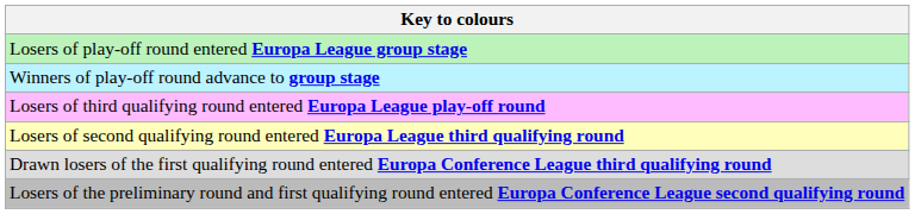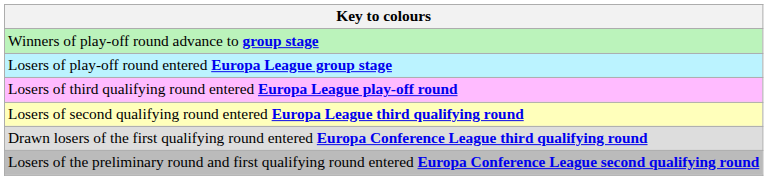 <table class="wikitable">
 <tr>
 <th>Key to colours</th>
 </tr>
 <tr bgcolor=#BBF3BB>
-<td>Losers of play-off round entered <strong><a href='#'>Europa League group stage</a></strong></td>
+<td>Winners of play-off round advance to <strong><a href='#'>group stage</a></strong></td>
 </tr>
 <tr bgcolor=#BBF3FF>
-<td>Winners of play-off round advance to <strong><a href='#'>group stage</a></strong></td>
+<td>Losers of play-off round entered <strong><a href='#'>Europa League group stage</a></strong></td>
 </tr>
 <tr bgcolor=#FFBBFF>
 <td>Losers of third qualifying round entered <strong><a href='#'>Europa League play-off round</a></strong></td>
 </tr>
 <tr bgcolor=#FFFFBB>
 <td>Losers of second qualifying round entered <strong><a href='#'>Europa League third qualifying round</a></strong></td>
 </tr>
 <tr bgcolor=#DDDDDD>
 <td>Drawn losers of the first qualifying round entered <strong><a href='#'>Europa Conference League third qualifying round</a></strong></td>
 </tr>
 <tr bgcolor=#BBBBBB>
 <td>Losers of the preliminary round and first qualifying round entered <strong><a href='#'>Europa Conference League second qualifying round</a></strong></td>
 </tr>
 </table>
